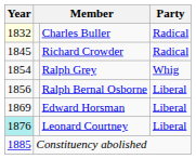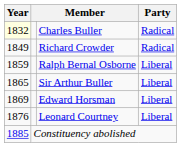 <table class="wikitable">
 <tr>
 <th>Year</th>
 <th colspan="2">Member</th>
 <th>Party</th>
 </tr>
 <tr>
 <td style="background: lightyellow;">1832</td>
 <td style="color:inherit;background-color: "></td>
 <td><a href='#'>Charles Buller</a></td>
 <td><a href='#'>Radical</a></td>
 </tr>
 <tr>
-<td>1845</td>
+<td>1849</td>
 <td style="color:inherit;background-color: "></td>
 <td><a href='#'>Richard Crowder</a></td>
 <td><a href='#'>Radical</a></td>
 </tr>
 <tr>
-<td>1854</td>
+<td>1859</td>
 <td style="color:inherit;background-color: "></td>
-<td><a href='#'>Ralph Grey</a></td>
-<td><a href='#'>Whig</a></td>
+<td><a href='#'>Ralph Bernal Osborne</a></td>
+<td><a href='#'>Liberal</a></td>
 </tr>
 <tr>
-<td>1856</td>
+<td>1865</td>
 <td style="color:inherit;background-color: "></td>
-<td><a href='#'>Ralph Bernal Osborne</a></td>
+<td><a href='#'>Sir Arthur Buller</a></td>
 <td><a href='#'>Liberal</a></td>
 </tr>
 <tr>
 <td>1869</td>
 <td style="color:inherit;background-color: "></td>
 <td><a href='#'>Edward Horsman</a></td>
 <td><a href='#'>Liberal</a></td>
 </tr>
 <tr>
-<td style="background: paleturquoise;">1876</td>
+<td>1876</td>
 <td style="color:inherit;background-color: "></td>
 <td><a href='#'>Leonard Courtney</a></td>
 <td><a href='#'>Liberal</a></td>
 </tr>
 <tr>
 <td><a href='#'>1885</a></td>
 <td colspan="3"><em>Constituency abolished</em></td>
 </tr>
 </table>
